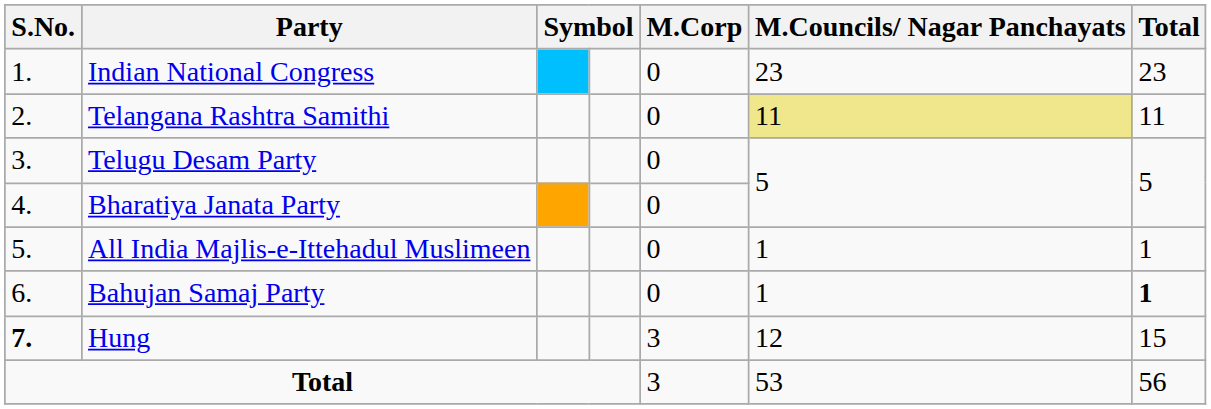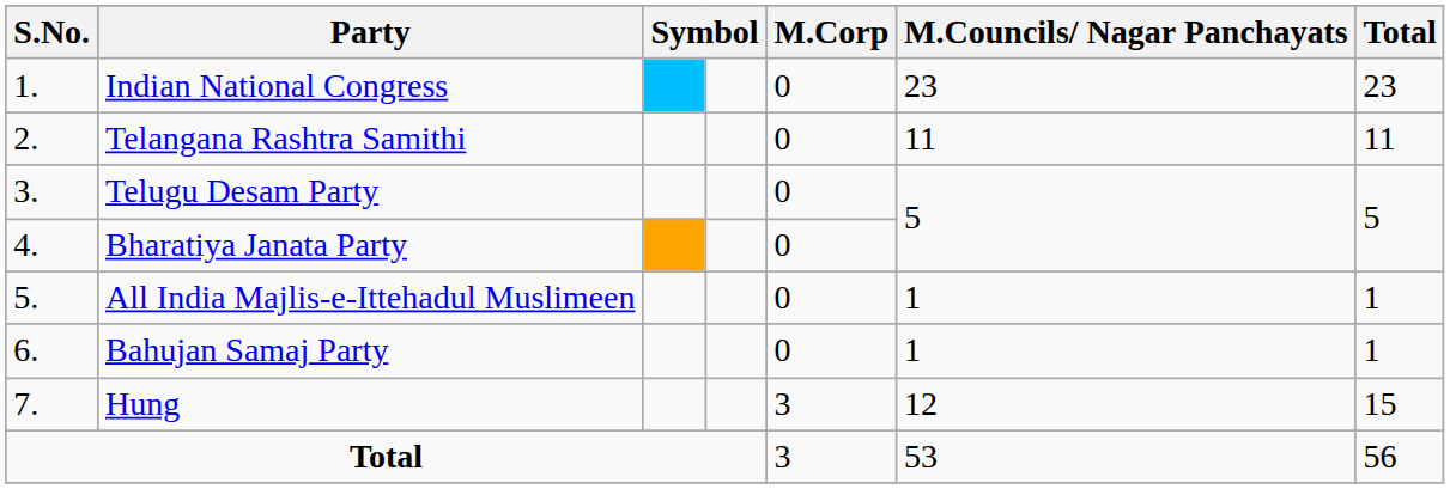 <table class="wikitable sortable">
 <tr>
 <th><strong>S.No.</strong></th>
 <th><strong>Party</strong></th>
 <th colspan="2"><strong>Symbol</strong></th>
 <th>M.Corp</th>
 <th>M.Councils/ Nagar Panchayats</th>
 <th>Total</th>
 </tr>
 <tr>
 <td>1.</td>
 <td><a href='#'>Indian National Congress</a></td>
 <td bgcolor="#00BFFF"></td>
 <td></td>
 <td>0</td>
 <td>23</td>
 <td>23</td>
 </tr>
 <tr>
 <td>2.</td>
 <td><a href='#'>Telangana Rashtra Samithi</a></td>
 <td></td>
 <td></td>
 <td>0</td>
-<td style="background: khaki;">11</td>
+<td>11</td>
 <td>11</td>
 </tr>
 <tr>
 <td>3.</td>
 <td><a href='#'>Telugu Desam Party</a></td>
 <td></td>
 <td></td>
 <td>0</td>
 <td rowspan="2">5</td>
 <td rowspan="2">5</td>
 </tr>
 <tr>
 <td>4.</td>
 <td><a href='#'>Bharatiya Janata Party</a></td>
 <td bgcolor="orange"></td>
 <td></td>
 <td>0</td>
 </tr>
 <tr>
 <td>5.</td>
 <td><a href='#'>All India Majlis-e-Ittehadul Muslimeen</a></td>
 <td></td>
 <td></td>
 <td>0</td>
 <td>1</td>
 <td>1</td>
 </tr>
 <tr>
 <td>6.</td>
 <td><a href='#'>Bahujan Samaj Party</a></td>
 <td></td>
 <td></td>
 <td>0</td>
 <td>1</td>
-<td><strong>1</strong></td>
+<td>1</td>
 </tr>
 <tr>
-<td><strong>7.</strong></td>
+<td>7.</td>
 <td><a href='#'>Hung</a></td>
 <td></td>
 <td></td>
 <td>3</td>
 <td>12</td>
 <td>15</td>
 </tr>
 <tr>
 <td colspan="4" align="center"><strong>Total</strong></td>
 <td>3</td>
 <td>53</td>
 <td>56</td>
 </tr>
 </table>
